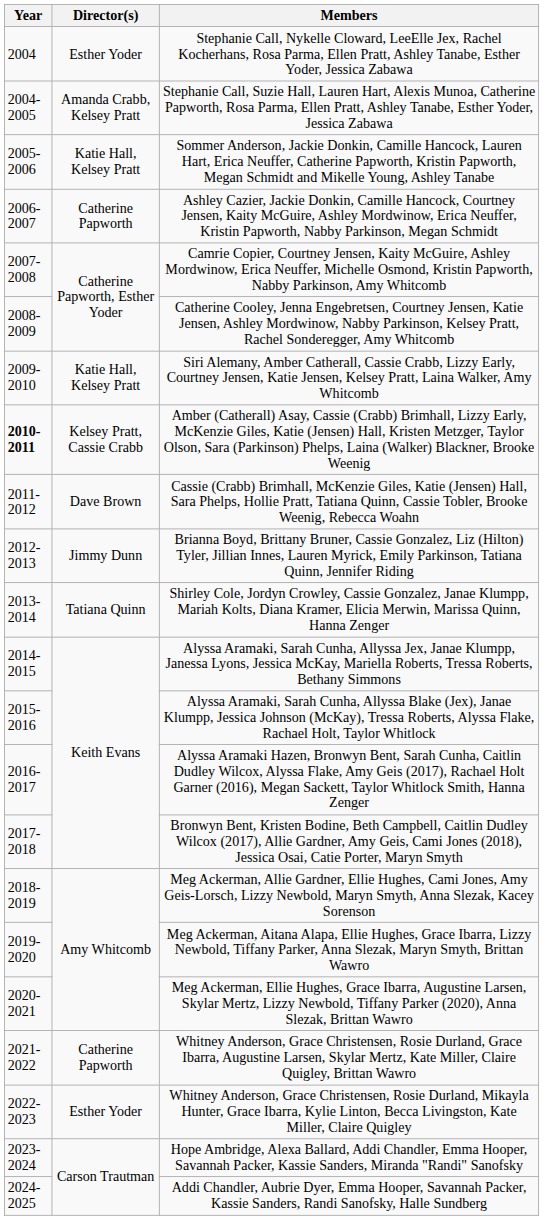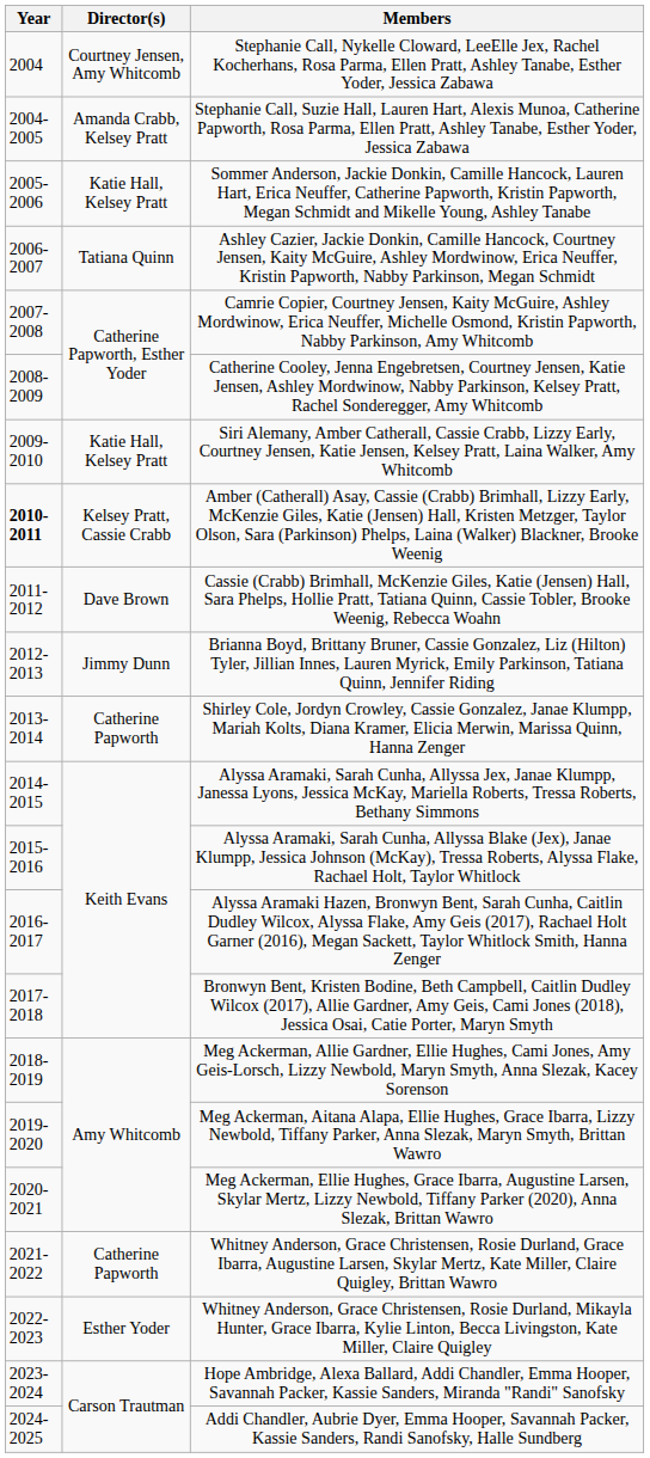 <table class="wikitable">
 <tr>
 <th>Year</th>
 <th>Director(s)</th>
 <th>Members</th>
 </tr>
 <tr>
 <td style="text-align:left;">2004</td>
-<td style="text-align:center;">Esther Yoder</td>
+<td style="text-align:center;">Courtney Jensen, Amy Whitcomb</td>
 <td style="text-align:center;">Stephanie Call, Nykelle Cloward, LeeElle Jex, Rachel Kocherhans, Rosa Parma, Ellen Pratt, Ashley Tanabe, Esther Yoder, Jessica Zabawa</td>
 </tr>
 <tr>
 <td style="text-align:left;">2004-2005</td>
 <td style="text-align:center;">Amanda Crabb, Kelsey Pratt</td>
 <td style="text-align:center;">Stephanie Call, Suzie Hall, Lauren Hart, Alexis Munoa, Catherine Papworth, Rosa Parma, Ellen Pratt, Ashley Tanabe, Esther Yoder, Jessica Zabawa</td>
 </tr>
 <tr>
 <td style="text-align:left;">2005-2006</td>
 <td style="text-align:center;">Katie Hall, Kelsey Pratt</td>
 <td style="text-align:center;">Sommer Anderson, Jackie Donkin, Camille Hancock, Lauren Hart, Erica Neuffer, Catherine Papworth, Kristin Papworth, Megan Schmidt and Mikelle Young, Ashley Tanabe</td>
 </tr>
 <tr>
 <td style="text-align:left;">2006-2007</td>
-<td style="text-align:center;">Catherine Papworth</td>
+<td style="text-align:center;">Tatiana Quinn</td>
 <td style="text-align:center;">Ashley Cazier, Jackie Donkin, Camille Hancock, Courtney Jensen, Kaity McGuire, Ashley Mordwinow, Erica Neuffer, Kristin Papworth, Nabby Parkinson, Megan Schmidt</td>
 </tr>
 <tr>
 <td style="text-align:left;">2007-2008</td>
 <td rowspan="2" style="text-align:center;">Catherine Papworth, Esther Yoder</td>
 <td style="text-align:center;">Camrie Copier, Courtney Jensen, Kaity McGuire, Ashley Mordwinow, Erica Neuffer, Michelle Osmond, Kristin Papworth, Nabby Parkinson, Amy Whitcomb</td>
 </tr>
 <tr>
 <td style="text-align:left;">2008-2009</td>
 <td style="text-align:center;">Catherine Cooley, Jenna Engebretsen, Courtney Jensen, Katie Jensen, Ashley Mordwinow, Nabby Parkinson, Kelsey Pratt, Rachel Sonderegger, Amy Whitcomb</td>
 </tr>
 <tr>
 <td style="text-align:left;">2009-2010</td>
 <td style="text-align:center;">Katie Hall, Kelsey Pratt</td>
 <td style="text-align:center;">Siri Alemany, Amber Catherall, Cassie Crabb, Lizzy Early, Courtney Jensen, Katie Jensen, Kelsey Pratt, Laina Walker, Amy Whitcomb</td>
 </tr>
 <tr>
 <td style="text-align:left;"><strong>2010-2011</strong></td>
 <td style="text-align:center;">Kelsey Pratt, Cassie Crabb</td>
 <td style="text-align:center;">Amber (Catherall) Asay, Cassie (Crabb) Brimhall, Lizzy Early, McKenzie Giles, Katie (Jensen) Hall, Kristen Metzger, Taylor Olson, Sara (Parkinson) Phelps, Laina (Walker) Blackner, Brooke Weenig</td>
 </tr>
 <tr>
 <td style="text-align:left;">2011-2012</td>
 <td style="text-align:center;">Dave Brown</td>
 <td style="text-align:center;">Cassie (Crabb) Brimhall, McKenzie Giles, Katie (Jensen) Hall, Sara Phelps, Hollie Pratt, Tatiana Quinn, Cassie Tobler, Brooke Weenig, Rebecca Woahn</td>
 </tr>
 <tr>
 <td style="text-align:left;">2012-2013</td>
 <td style="text-align:center;">Jimmy Dunn</td>
 <td style="text-align:center;">Brianna Boyd, Brittany Bruner, Cassie Gonzalez, Liz (Hilton) Tyler, Jillian Innes, Lauren Myrick, Emily Parkinson, Tatiana Quinn, Jennifer Riding</td>
 </tr>
 <tr>
 <td style="text-align:left;">2013-2014</td>
-<td style="text-align:center;">Tatiana Quinn</td>
+<td style="text-align:center;">Catherine Papworth</td>
 <td style="text-align:center;">Shirley Cole, Jordyn Crowley, Cassie Gonzalez, Janae Klumpp, Mariah Kolts, Diana Kramer, Elicia Merwin, Marissa Quinn, Hanna Zenger</td>
 </tr>
 <tr>
 <td style="text-align:left;">2014-2015</td>
 <td rowspan="4" style="text-align:center;">Keith Evans</td>
 <td style="text-align:center;">Alyssa Aramaki, Sarah Cunha, Allyssa Jex, Janae Klumpp, Janessa Lyons, Jessica McKay, Mariella Roberts, Tressa Roberts, Bethany Simmons</td>
 </tr>
 <tr>
 <td style="text-align:left;">2015-2016</td>
 <td style="text-align:center;">Alyssa Aramaki, Sarah Cunha, Allyssa Blake (Jex), Janae Klumpp, Jessica Johnson (McKay), Tressa Roberts, Alyssa Flake, Rachael Holt, Taylor Whitlock</td>
 </tr>
 <tr>
 <td style="text-align:left;">2016-2017</td>
 <td style="text-align:center;">Alyssa Aramaki Hazen, Bronwyn Bent, Sarah Cunha, Caitlin Dudley Wilcox, Alyssa Flake, Amy Geis (2017), Rachael Holt Garner (2016), Megan Sackett, Taylor Whitlock Smith, Hanna Zenger</td>
 </tr>
 <tr>
 <td style="text-align:left;">2017-2018</td>
 <td style="text-align:center;">Bronwyn Bent, Kristen Bodine, Beth Campbell, Caitlin Dudley Wilcox (2017), Allie Gardner, Amy Geis, Cami Jones (2018), Jessica Osai, Catie Porter, Maryn Smyth</td>
 </tr>
 <tr>
 <td style="text-align:left;">2018-2019</td>
 <td rowspan="3" style="text-align:center;">Amy Whitcomb</td>
 <td style="text-align:center;">Meg Ackerman, Allie Gardner, Ellie Hughes, Cami Jones, Amy Geis-Lorsch, Lizzy Newbold, Maryn Smyth, Anna Slezak, Kacey Sorenson</td>
 </tr>
 <tr>
 <td style="text-align:left;">2019-2020</td>
 <td style="text-align:center;">Meg Ackerman, Aitana Alapa, Ellie Hughes, Grace Ibarra, Lizzy Newbold, Tiffany Parker, Anna Slezak, Maryn Smyth, Brittan Wawro</td>
 </tr>
 <tr>
 <td style="text-align:left;">2020-2021</td>
 <td style="text-align:center;">Meg Ackerman, Ellie Hughes, Grace Ibarra, Augustine Larsen, Skylar Mertz, Lizzy Newbold, Tiffany Parker (2020), Anna Slezak, Brittan Wawro</td>
 </tr>
 <tr>
 <td style="text-align:left;">2021-2022</td>
 <td style="text-align:center;">Catherine Papworth</td>
 <td style="text-align:center;">Whitney Anderson, Grace Christensen, Rosie Durland, Grace Ibarra, Augustine Larsen, Skylar Mertz, Kate Miller, Claire Quigley, Brittan Wawro</td>
 </tr>
 <tr>
 <td style="text-align:left;">2022-2023</td>
 <td style="text-align:center;">Esther Yoder</td>
 <td style="text-align:center;">Whitney Anderson, Grace Christensen, Rosie Durland, Mikayla Hunter, Grace Ibarra, Kylie Linton, Becca Livingston, Kate Miller, Claire Quigley</td>
 </tr>
 <tr>
 <td>2023-2024</td>
 <td rowspan="2" style="text-align:center;">Carson Trautman</td>
 <td style="text-align:center;">Hope Ambridge, Alexa Ballard, Addi Chandler, Emma Hooper, Savannah Packer, Kassie Sanders, Miranda "Randi" Sanofsky</td>
 </tr>
 <tr>
 <td>2024-2025</td>
 <td style="text-align:center;">Addi Chandler, Aubrie Dyer, Emma Hooper, Savannah Packer, Kassie Sanders, Randi Sanofsky, Halle Sundberg</td>
 </tr>
 </table>
